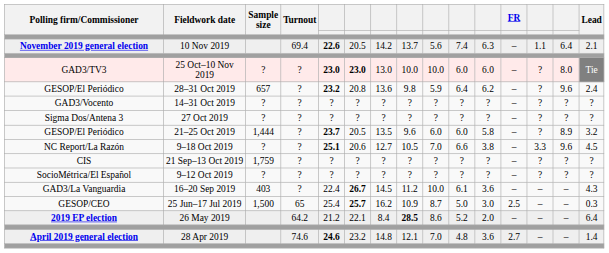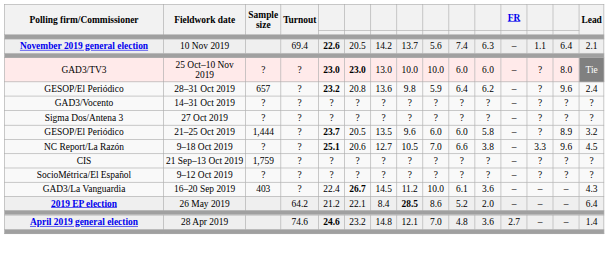 <table class="wikitable collapsible collapsed" style="text-align:center; font-size:95%; line-height:16px;">
 <tr style="height:42px;">
 <th style="width:250px;" rowspan="2">Polling firm/Commissioner</th>
 <th style="width:125px;" rowspan="2">Fieldwork date</th>
 <th style="width:50px;" rowspan="2">Sample size</th>
 <th style="width:45px;" rowspan="2">Turnout</th>
 <th style="width:35px;"></th>
 <th style="width:35px;"></th>
 <th style="width:35px;"></th>
 <th style="width:35px;"></th>
 <th style="width:35px;"></th>
 <th style="width:35px;"></th>
 <th style="width:35px;"></th>
 <th style="width:35px;"><a href='#'>FR</a></th>
 <th style="width:35px;"></th>
 <th style="width:35px;"></th>
 <th style="width:30px;" rowspan="2">Lead</th>
 </tr>
 <tr>
 <th style="color:inherit;background:"></th>
 <th style="color:inherit;background:"></th>
 <th style="color:inherit;background:"></th>
 <th style="color:inherit;background:"></th>
 <th style="color:inherit;background:"></th>
 <th style="color:inherit;background:"></th>
 <th style="color:inherit;background:"></th>
 <th style="color:inherit;background:"></th>
 <th style="color:inherit;background:"></th>
 <th style="color:inherit;background:"></th>
 </tr>
 <tr>
 <td colspan="15" style="background:#A0A0A0"></td>
 </tr>
 <tr style="background:#EFEFEF;">
 <td><strong><a href='#'>November 2019 general election</a></strong></td>
 <td>10 Nov 2019</td>
 <td></td>
 <td>69.4</td>
 <td><strong>22.6</strong><br></td>
 <td>20.5<br></td>
 <td>14.2<br></td>
 <td>13.7<br></td>
 <td>5.6<br></td>
 <td>7.4<br></td>
 <td>6.3<br></td>
 <td>–</td>
 <td>1.1<br></td>
 <td>6.4<br></td>
 <td style="background:">2.1</td>
 </tr>
 <tr>
 <td colspan="15" style="background:#A0A0A0"></td>
 </tr>
 <tr style="background:#FFEAEA;">
 <td>GAD3/TV3</td>
 <td>25 Oct–10 Nov 2019</td>
 <td>?</td>
 <td>?</td>
 <td><strong>23.0</strong><br></td>
 <td><strong>23.0</strong><br></td>
 <td>13.0<br></td>
 <td>10.0<br></td>
 <td>10.0<br></td>
 <td>6.0<br></td>
 <td>6.0<br></td>
 <td>–</td>
 <td>?<br></td>
 <td>8.0<br></td>
 <td style="background:gray;color:white;">Tie</td>
 </tr>
 <tr>
 <td>GESOP/El Periódico</td>
 <td>28–31 Oct 2019</td>
 <td>657</td>
 <td>?</td>
 <td><strong>23.2</strong><br></td>
 <td>20.8<br></td>
 <td>13.6<br></td>
 <td>9.8<br></td>
 <td>5.9<br></td>
 <td>6.4<br></td>
 <td>6.2<br></td>
 <td>–</td>
 <td>?<br></td>
 <td>9.6<br></td>
 <td style="background:">2.4</td>
 </tr>
 <tr>
 <td>GAD3/Vocento</td>
 <td>14–31 Oct 2019</td>
 <td>?</td>
 <td>?</td>
 <td>?<br></td>
 <td>?<br></td>
 <td>?<br></td>
 <td>?<br></td>
 <td>?<br></td>
 <td>?<br></td>
 <td>?<br></td>
 <td>–</td>
 <td>?<br></td>
 <td>?<br></td>
 <td style="background:">?</td>
 </tr>
 <tr>
 <td>Sigma Dos/Antena 3</td>
 <td>27 Oct 2019</td>
 <td>?</td>
 <td>?</td>
 <td>?<br></td>
 <td>?<br></td>
 <td>?<br></td>
 <td>?<br></td>
 <td>?<br></td>
 <td>?<br></td>
 <td>?<br></td>
 <td>–</td>
 <td>?<br></td>
 <td>?<br></td>
 <td style="background:">?</td>
 </tr>
 <tr>
 <td>GESOP/El Periódico</td>
 <td>21–25 Oct 2019</td>
 <td>1,444</td>
 <td>?</td>
 <td><strong>23.7</strong><br></td>
 <td>20.5<br></td>
 <td>13.5<br></td>
 <td>9.6<br></td>
 <td>6.0<br></td>
 <td>6.0<br></td>
 <td>5.8<br></td>
 <td>–</td>
 <td>?<br></td>
 <td>8.9<br></td>
 <td style="background:">3.2</td>
 </tr>
 <tr>
 <td>NC Report/La Razón</td>
 <td>9–18 Oct 2019</td>
 <td>?</td>
 <td>?</td>
 <td><strong>25.1</strong><br></td>
 <td>20.6<br></td>
 <td>12.7<br></td>
 <td>10.5<br></td>
 <td>7.0<br></td>
 <td>6.6<br></td>
 <td>3.8<br></td>
 <td>–</td>
 <td>3.3<br></td>
 <td>9.6<br></td>
 <td style="background:">4.5</td>
 </tr>
 <tr>
 <td>CIS</td>
 <td>21 Sep–13 Oct 2019</td>
 <td>1,759</td>
 <td>?</td>
 <td>?<br></td>
 <td>?<br></td>
 <td>?<br></td>
 <td>?<br></td>
 <td>?<br></td>
 <td>?<br></td>
 <td>?<br></td>
 <td>–</td>
 <td>?<br></td>
 <td>?<br></td>
 <td style="background:">?</td>
 </tr>
 <tr>
 <td>SocioMétrica/El Español</td>
 <td>9–12 Oct 2019</td>
 <td>?</td>
 <td>?</td>
 <td>?<br></td>
 <td>?<br></td>
 <td>?<br></td>
 <td>?<br></td>
 <td>?<br></td>
 <td>?<br></td>
 <td>?<br></td>
 <td>–</td>
 <td>?<br></td>
 <td>?<br></td>
 <td style="background:">?</td>
 </tr>
 <tr>
 <td>GAD3/La Vanguardia</td>
 <td>16–20 Sep 2019</td>
 <td>403</td>
 <td>?</td>
 <td>22.4<br></td>
 <td><strong>26.7</strong><br></td>
 <td>14.5<br></td>
 <td>11.2<br></td>
 <td>10.0<br></td>
 <td>6.1<br></td>
 <td>3.6<br></td>
 <td>–</td>
 <td>–</td>
 <td>–</td>
 <td style="background:">4.3</td>
 </tr>
-<tr>
-<td>GESOP/CEO</td>
-<td>25 Jun–17 Jul 2019</td>
-<td>1,500</td>
-<td>65</td>
-<td>25.4<br></td>
-<td><strong>25.7</strong><br></td>
-<td>16.2<br></td>
-<td>10.9<br></td>
-<td>8.7<br></td>
-<td>5.0<br></td>
-<td>3.0<br></td>
-<td>2.5<br></td>
-<td>–</td>
-<td>–</td>
-<td style="background:">0.3</td>
-</tr>
 <tr style="background:#EFEFEF;">
 <td><strong><a href='#'>2019 EP election</a></strong></td>
 <td>26 May 2019</td>
 <td></td>
 <td>64.2</td>
 <td>21.2<br></td>
 <td>22.1<br></td>
 <td>8.4<br></td>
 <td><strong>28.5</strong><br></td>
 <td>8.6<br></td>
 <td>5.2<br></td>
 <td>2.0<br></td>
 <td>–</td>
 <td>–</td>
 <td>–</td>
 <td style="background:">6.4</td>
 </tr>
 <tr>
 <td colspan="15" style="background:#A0A0A0"></td>
 </tr>
 <tr style="background:#EFEFEF;">
 <td><strong><a href='#'>April 2019 general election</a></strong></td>
 <td>28 Apr 2019</td>
 <td></td>
 <td>74.6</td>
 <td><strong>24.6</strong><br></td>
 <td>23.2<br></td>
 <td>14.8<br></td>
 <td>12.1<br></td>
 <td>7.0<br></td>
 <td>4.8<br></td>
 <td>3.6<br></td>
 <td>2.7<br></td>
 <td>–</td>
 <td>–</td>
 <td style="background:">1.4</td>
 </tr>
 <tr>
 <td colspan="15" style="background:#A0A0A0"></td>
 </tr>
 </table>
